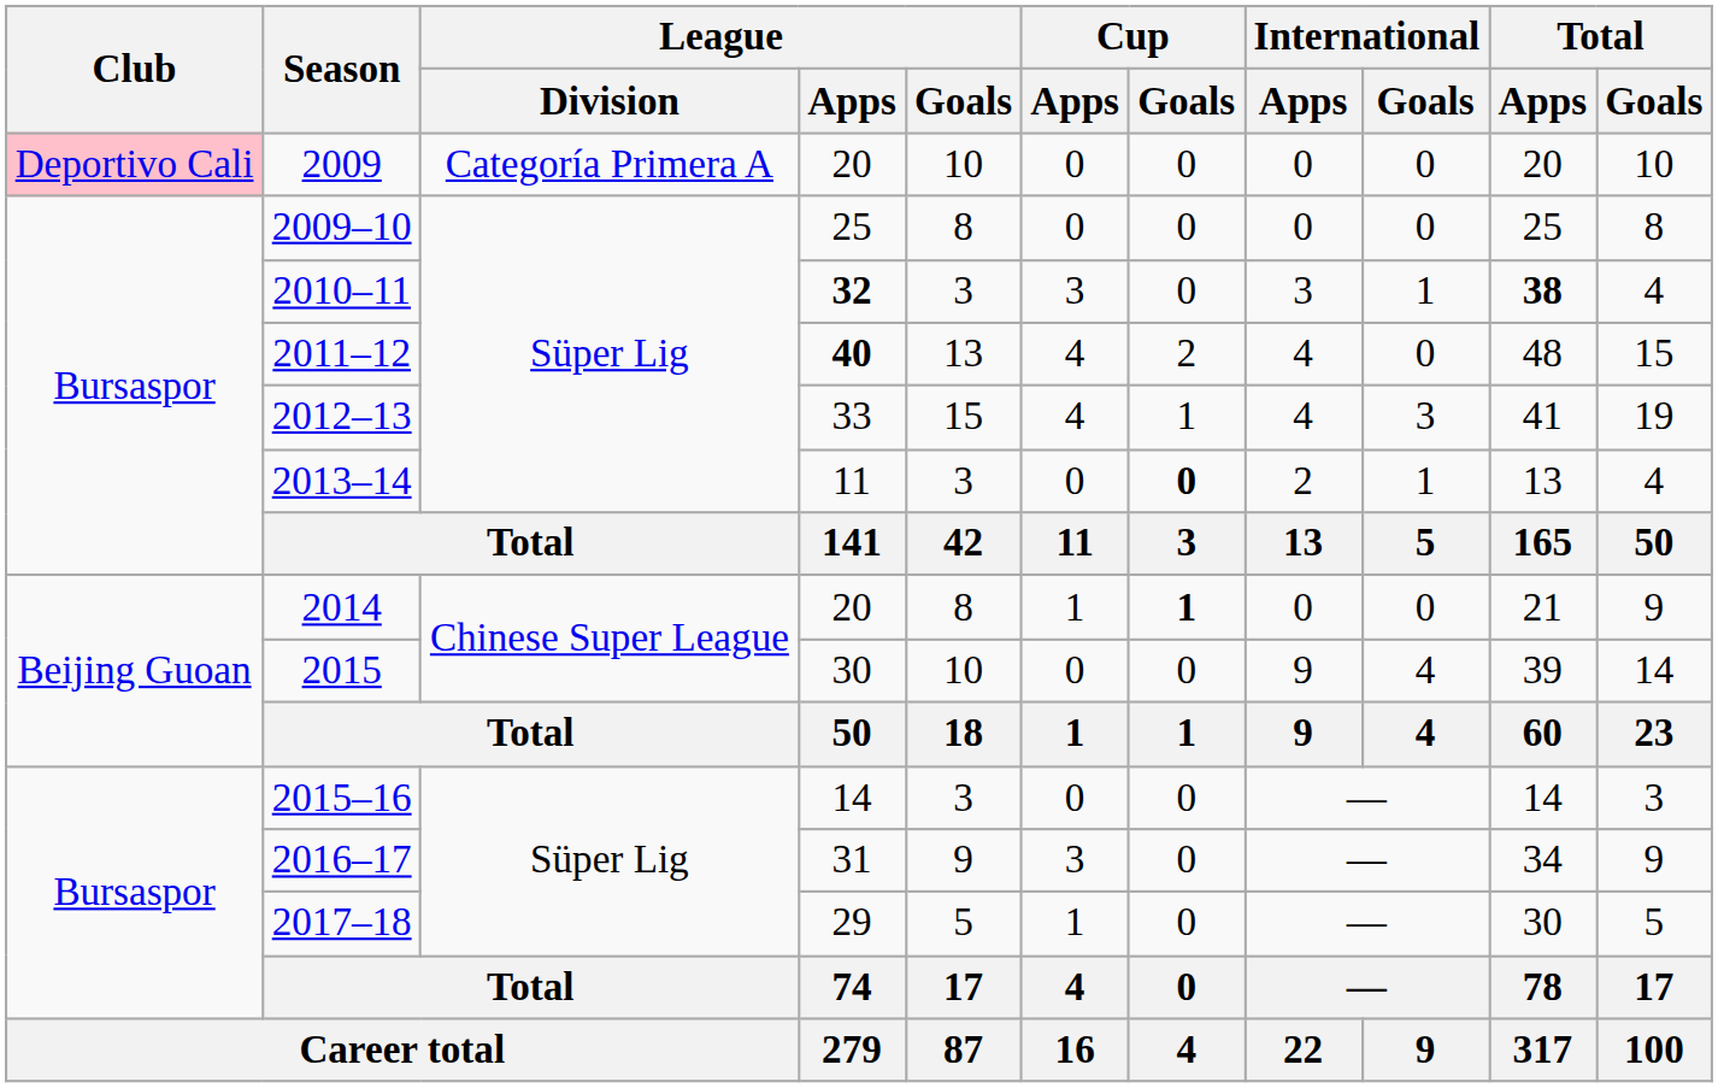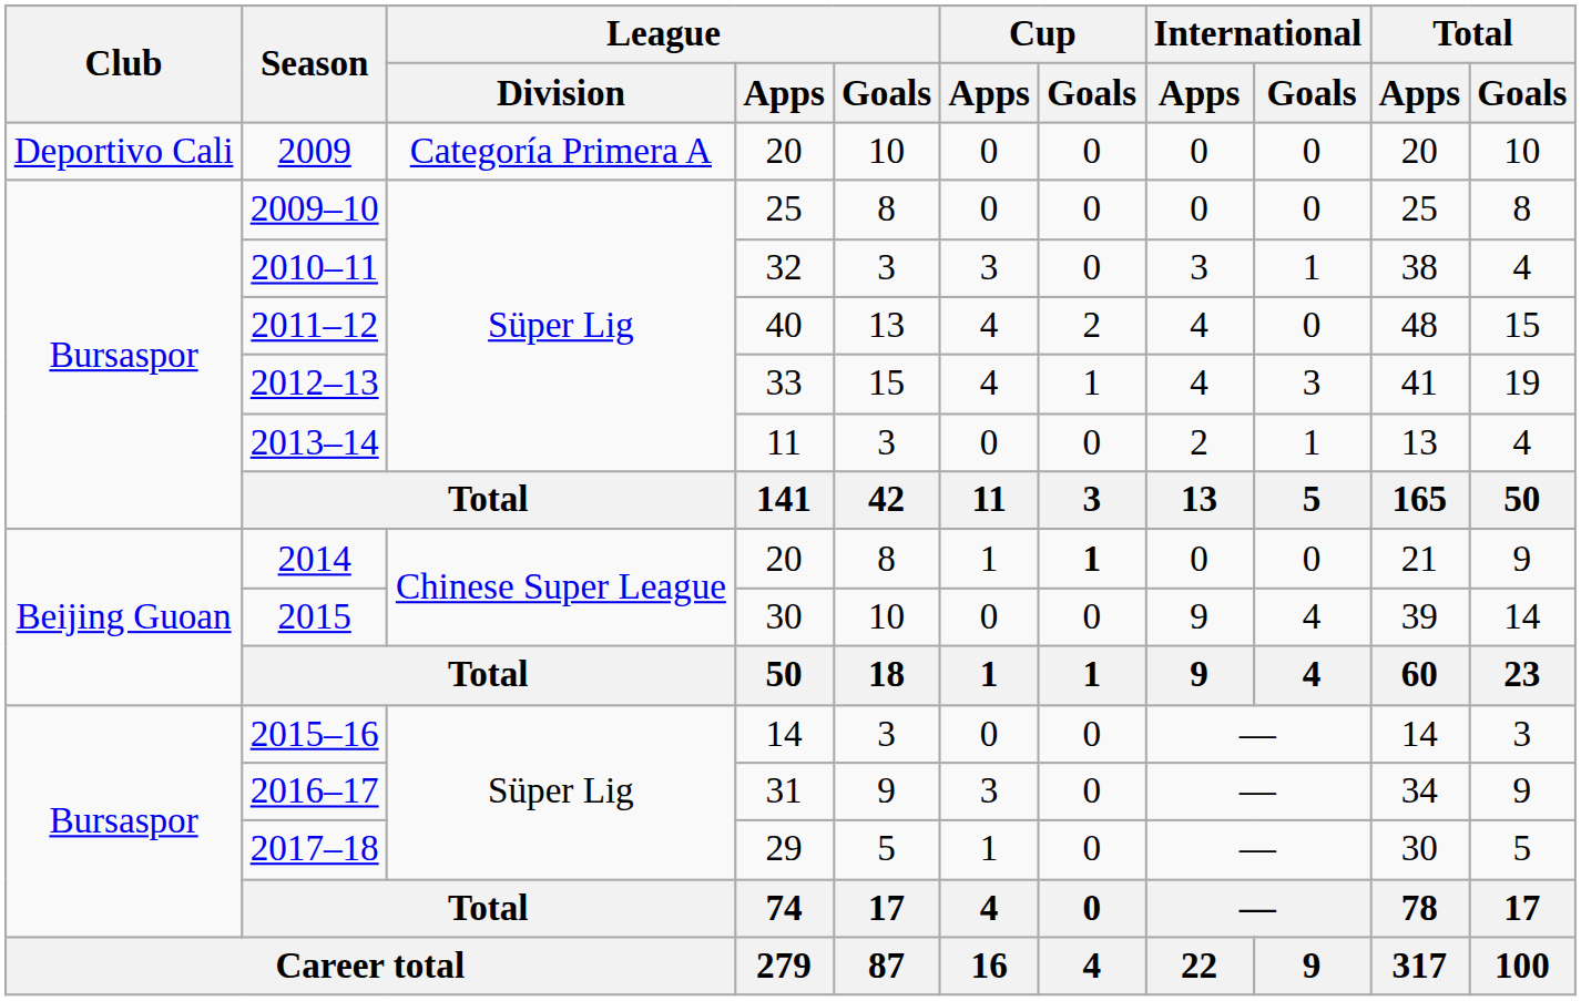 <table class="wikitable" style="text-align: center;">
 <tr>
 <th rowspan="2">Club</th>
 <th rowspan="2">Season</th>
 <th colspan="3">League</th>
 <th colspan="2">Cup</th>
 <th colspan="2">International</th>
 <th colspan="2">Total</th>
 </tr>
 <tr>
 <th>Division</th>
 <th>Apps</th>
 <th>Goals</th>
 <th>Apps</th>
 <th>Goals</th>
 <th>Apps</th>
 <th>Goals</th>
 <th>Apps</th>
 <th>Goals</th>
 </tr>
 <tr>
-<td rowspan="1" valign="center" style="background: pink;"><a href='#'>Deportivo Cali</a></td>
+<td rowspan="1" valign="center"><a href='#'>Deportivo Cali</a></td>
 <td><a href='#'>2009</a></td>
 <td><a href='#'>Categoría Primera A</a></td>
 <td>20</td>
 <td>10</td>
 <td>0</td>
 <td>0</td>
 <td>0</td>
 <td>0</td>
 <td>20</td>
 <td>10</td>
 </tr>
 <tr>
 <td rowspan="6"><a href='#'>Bursaspor</a></td>
 <td><a href='#'>2009–10</a></td>
 <td rowspan="5"><a href='#'>Süper Lig</a></td>
 <td>25</td>
 <td>8</td>
 <td>0</td>
 <td>0</td>
 <td>0</td>
 <td>0</td>
 <td>25</td>
 <td>8</td>
 </tr>
 <tr>
 <td><a href='#'>2010–11</a></td>
-<td><strong>32</strong></td>
+<td>32</td>
 <td>3</td>
 <td>3</td>
 <td>0</td>
 <td>3</td>
 <td>1</td>
-<td><strong>38</strong></td>
+<td>38</td>
 <td>4</td>
 </tr>
 <tr>
 <td><a href='#'>2011–12</a></td>
-<td><strong>40</strong></td>
+<td>40</td>
 <td>13</td>
 <td>4</td>
 <td>2</td>
 <td>4</td>
 <td>0</td>
 <td>48</td>
 <td>15</td>
 </tr>
 <tr>
 <td><a href='#'>2012–13</a></td>
 <td>33</td>
 <td>15</td>
 <td>4</td>
 <td>1</td>
 <td>4</td>
 <td>3</td>
 <td>41</td>
 <td>19</td>
 </tr>
 <tr>
 <td><a href='#'>2013–14</a></td>
 <td>11</td>
 <td>3</td>
 <td>0</td>
-<td><strong>0</strong></td>
+<td>0</td>
 <td>2</td>
 <td>1</td>
 <td>13</td>
 <td>4</td>
 </tr>
 <tr>
 <th colspan="2">Total</th>
 <th>141</th>
 <th>42</th>
 <th>11</th>
 <th>3</th>
 <th>13</th>
 <th>5</th>
 <th>165</th>
 <th>50</th>
 </tr>
 <tr>
 <td rowspan="3" valign="center"><a href='#'>Beijing Guoan</a></td>
 <td><a href='#'>2014</a></td>
 <td rowspan="2" valign="center"><a href='#'>Chinese Super League</a></td>
 <td>20</td>
 <td>8</td>
 <td>1</td>
 <td><strong>1</strong></td>
 <td>0</td>
 <td>0</td>
 <td>21</td>
 <td>9</td>
 </tr>
 <tr>
 <td><a href='#'>2015</a></td>
 <td>30</td>
 <td>10</td>
 <td>0</td>
 <td>0</td>
 <td>9</td>
 <td>4</td>
 <td>39</td>
 <td>14</td>
 </tr>
 <tr>
 <th colspan="2">Total</th>
 <th>50</th>
 <th>18</th>
 <th>1</th>
 <th>1</th>
 <th>9</th>
 <th>4</th>
 <th>60</th>
 <th>23</th>
 </tr>
 <tr>
 <td rowspan="4"><a href='#'>Bursaspor</a></td>
 <td><a href='#'>2015–16</a></td>
 <td rowspan="3">Süper Lig</td>
 <td>14</td>
 <td>3</td>
 <td>0</td>
 <td>0</td>
 <td colspan="2">—</td>
 <td>14</td>
 <td>3</td>
 </tr>
 <tr>
 <td><a href='#'>2016–17</a></td>
 <td>31</td>
 <td>9</td>
 <td>3</td>
 <td>0</td>
 <td colspan="2">—</td>
 <td>34</td>
 <td>9</td>
 </tr>
 <tr>
 <td><a href='#'>2017–18</a></td>
 <td>29</td>
 <td>5</td>
 <td>1</td>
 <td>0</td>
 <td colspan="2">—</td>
 <td>30</td>
 <td>5</td>
 </tr>
 <tr>
 <th colspan="2">Total</th>
 <th>74</th>
 <th>17</th>
 <th>4</th>
 <th>0</th>
 <th colspan="2">—</th>
 <th>78</th>
 <th>17</th>
 </tr>
 <tr>
 <th colspan="3">Career total</th>
 <th>279</th>
 <th>87</th>
 <th>16</th>
 <th>4</th>
 <th>22</th>
 <th>9</th>
 <th>317</th>
 <th>100</th>
 </tr>
 </table>
